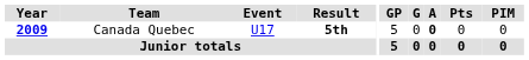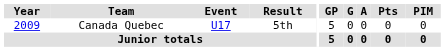 <table border="0" cellpadding="1" cellspacing="0" ID="Table3" style="text-align:center; width:40em">
 <tr ALIGN="centre" bgcolor="#e0e0e0">
 <th>Year</th>
 <th>Team</th>
 <th>Event</th>
 <th>Result</th>
 <th rowspan="99" bgcolor="#ffffff"></th>
 <th>GP</th>
 <th>G</th>
 <th>A</th>
 <th>Pts</th>
 <th>PIM</th>
 </tr>
 <tr>
-<td><strong><a href='#'>2009</a></strong></td>
+<td><a href='#'>2009</a></td>
 <td>Canada Quebec</td>
 <td><a href='#'>U17</a></td>
-<td><strong>5th</strong></td>
+<td>5th</td>
 <td>5</td>
 <td>0</td>
-<td><strong>0</strong></td>
+<td>0</td>
 <td>0</td>
 <td>0</td>
 </tr>
 <tr ALIGN="centre" bgcolor="#e0e0e0">
 <th colspan=4>Junior totals</th>
 <th>5</th>
 <th>0</th>
 <th>0</th>
 <th>0</th>
 <th>0</th>
 </tr>
 </table>
